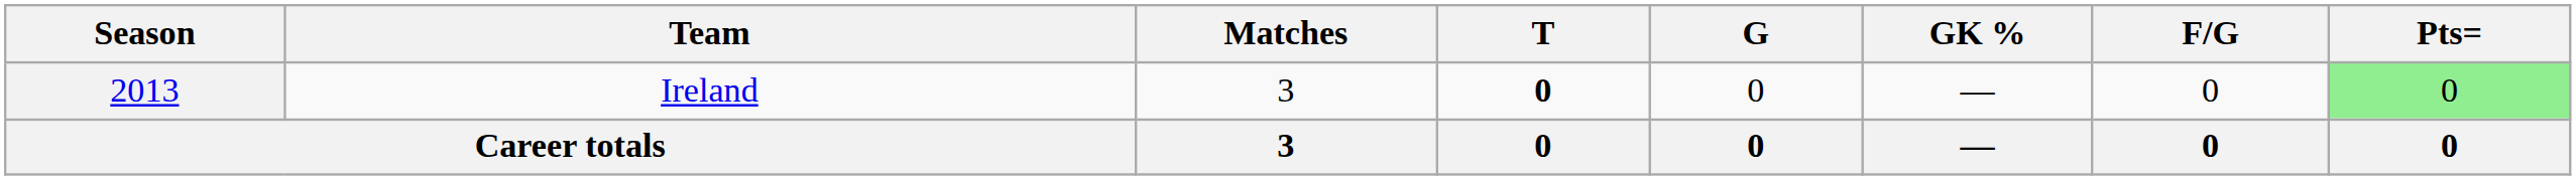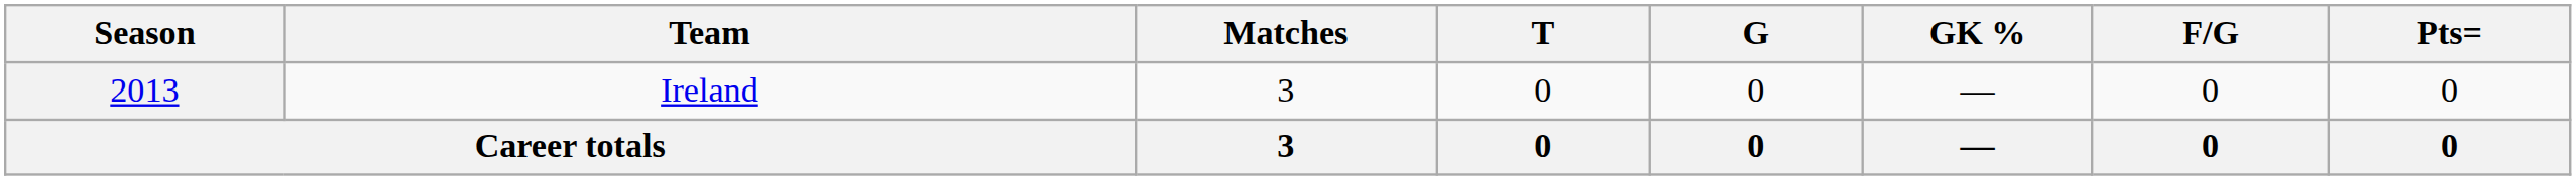 <table class="wikitable sortable"  style="font-size:90%; text-align:center; width:85%;">
 <tr>
 <th width=2%>Season</th>
 <th width=8%>Team</th>
 <th width=2%>Matches</th>
 <th width=2%>T</th>
 <th width=2%>G</th>
 <th width=2%>GK %</th>
 <th width=2%>F/G</th>
 <th width=2%>Pts=</th>
 </tr>
 <tr>
 <th scope="row" style="text-align:center; font-weight:normal"><a href='#'>2013</a></th>
 <td style="text-align:center;"><a href='#'>Ireland</a></td>
 <td>3</td>
-<td><strong>0</strong></td>
+<td>0</td>
 <td>0</td>
 <td>—</td>
 <td>0</td>
-<td style="background: lightgreen;">0</td>
+<td>0</td>
 </tr>
 <tr class="sortbottom">
 <th colspan=2>Career totals</th>
 <th>3</th>
 <th>0</th>
 <th>0</th>
 <th>—</th>
 <th>0</th>
 <th>0</th>
 </tr>
 </table>
